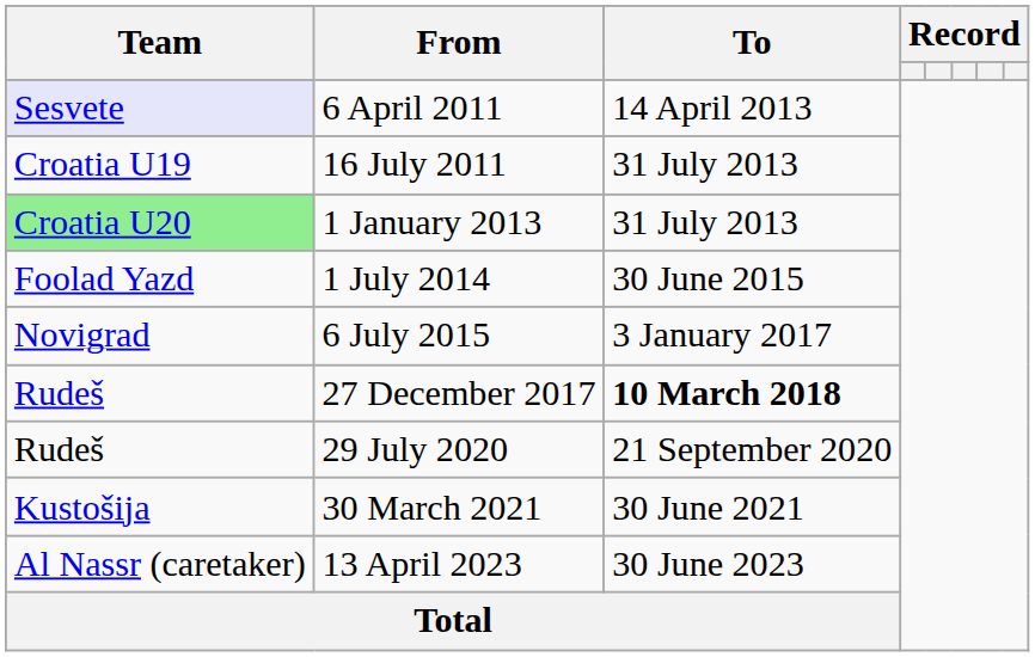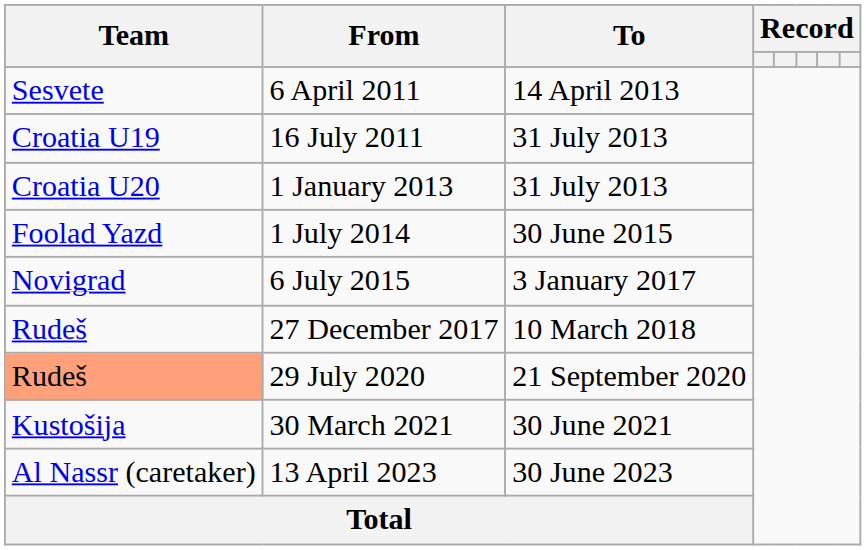 <table class="wikitable" style="text-align:center">
 <tr>
 <th rowspan="2">Team</th>
 <th rowspan="2">From</th>
 <th rowspan="2">To</th>
 <th colspan="5">Record</th>
 </tr>
 <tr>
 <th></th>
 <th></th>
 <th></th>
 <th></th>
 <th></th>
 </tr>
 <tr>
-<td align="left" style="background: lavender;"><a href='#'>Sesvete</a></td>
+<td align="left"><a href='#'>Sesvete</a></td>
 <td align="left">6 April 2011</td>
 <td align="left">14 April 2013<br></td>
 </tr>
 <tr>
 <td align="left"><a href='#'>Croatia U19</a></td>
 <td align="left">16 July 2011</td>
 <td align="left">31 July 2013<br></td>
 </tr>
 <tr>
-<td align="left" style="background: lightgreen;"><a href='#'>Croatia U20</a></td>
+<td align="left"><a href='#'>Croatia U20</a></td>
 <td align="left">1 January 2013</td>
 <td align="left">31 July 2013<br></td>
 </tr>
 <tr>
 <td align="left"><a href='#'>Foolad Yazd</a></td>
 <td align="left">1 July 2014</td>
 <td align="left">30 June 2015<br></td>
 </tr>
 <tr>
 <td align="left"><a href='#'>Novigrad</a></td>
 <td align="left">6 July 2015</td>
 <td align="left">3 January 2017<br></td>
 </tr>
 <tr>
 <td align="left"><a href='#'>Rudeš</a></td>
 <td align="left">27 December 2017</td>
-<td align="left"><strong>10 March 2018<br></strong></td>
+<td align="left">10 March 2018<br></td>
 </tr>
 <tr>
-<td align="left">Rudeš</td>
+<td align="left" style="background: lightsalmon;">Rudeš</td>
 <td align="left">29 July 2020</td>
 <td align="left">21 September 2020<br></td>
 </tr>
 <tr>
 <td align="left"><a href='#'>Kustošija</a></td>
 <td align="left">30 March 2021</td>
 <td align="left">30 June 2021<br></td>
 </tr>
 <tr>
 <td align="left"><a href='#'>Al Nassr</a> (caretaker)</td>
 <td align="left">13 April 2023</td>
 <td align="left">30 June 2023<br></td>
 </tr>
 <tr>
 <th colspan="3">Total<br></th>
 </tr>
 </table>
